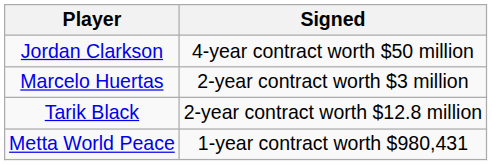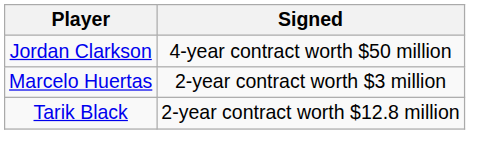 <table class="wikitable sortable sortable">
 <tr>
 <th>Player</th>
 <th>Signed</th>
 </tr>
 <tr style="text-align: center">
 <td><a href='#'>Jordan Clarkson</a></td>
 <td>4-year contract worth $50 million</td>
 </tr>
 <tr style="text-align: center">
 <td><a href='#'>Marcelo Huertas</a></td>
 <td>2-year contract worth $3 million</td>
 </tr>
 <tr style="text-align: center">
 <td><a href='#'>Tarik Black</a></td>
 <td>2-year contract worth $12.8 million</td>
 </tr>
-<tr style="text-align: center">
-<td><a href='#'>Metta World Peace</a></td>
-<td>1-year contract worth $980,431</td>
-</tr>
 </table>
